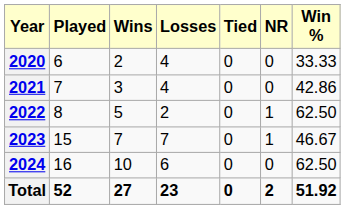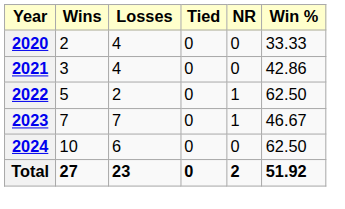 <table class="wikitable" style="width:25%;">
 <tr>
 <th style="background:#ffc;">Year</th>
-<th style="background:#ffc;">Played</th>
 <th style="background:#ffc;">Wins</th>
 <th style="background:#ffc;">Losses</th>
 <th style="background:#ffc;">Tied</th>
 <th style="background:#ffc;">NR</th>
 <th style="background:#ffc;">Win %</th>
 </tr>
 <tr>
 <th><a href='#'>2020</a></th>
-<td>6</td>
 <td>2</td>
 <td>4</td>
 <td>0</td>
 <td>0</td>
 <td>33.33</td>
 </tr>
 <tr>
 <th><a href='#'>2021</a></th>
-<td>7</td>
 <td>3</td>
 <td>4</td>
 <td>0</td>
 <td>0</td>
 <td>42.86</td>
 </tr>
 <tr>
 <th><a href='#'>2022</a></th>
-<td>8</td>
 <td>5</td>
 <td>2</td>
 <td>0</td>
 <td>1</td>
 <td>62.50</td>
 </tr>
 <tr>
 <th><a href='#'>2023</a></th>
-<td>15</td>
 <td>7</td>
 <td>7</td>
 <td>0</td>
 <td>1</td>
 <td>46.67</td>
 </tr>
 <tr>
 <th><a href='#'>2024</a></th>
-<td>16</td>
 <td>10</td>
 <td>6</td>
 <td>0</td>
 <td>0</td>
 <td>62.50</td>
 </tr>
 <tr>
 <th>Total</th>
-<td><strong>52</strong></td>
 <td><strong>27</strong></td>
 <td><strong>23</strong></td>
 <td><strong>0</strong></td>
 <td><strong>2</strong></td>
 <td><strong>51.92</strong></td>
 </tr>
 </table>
